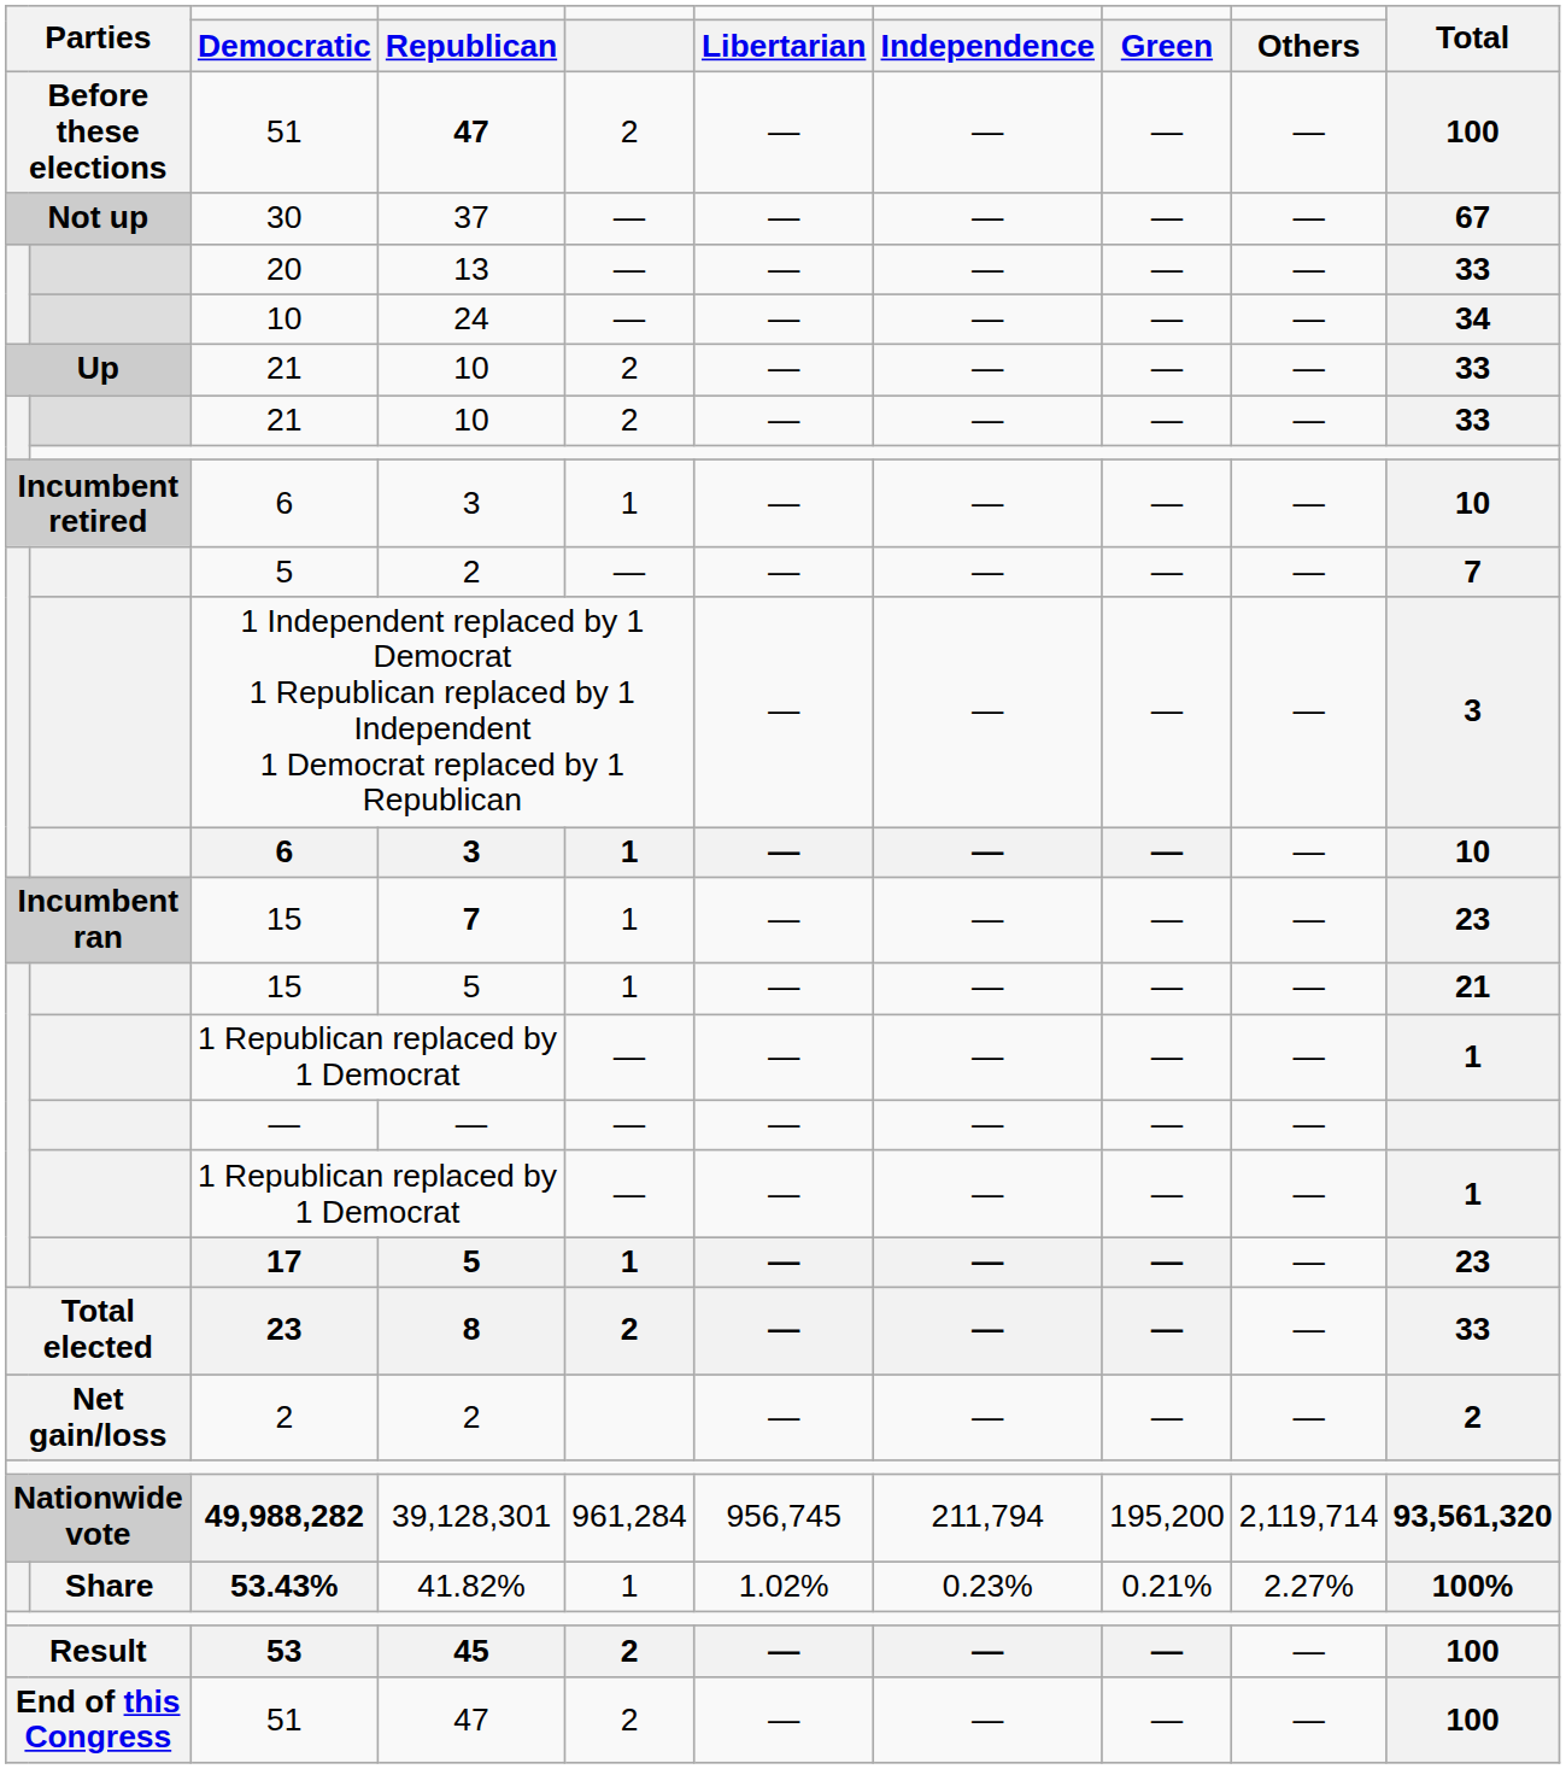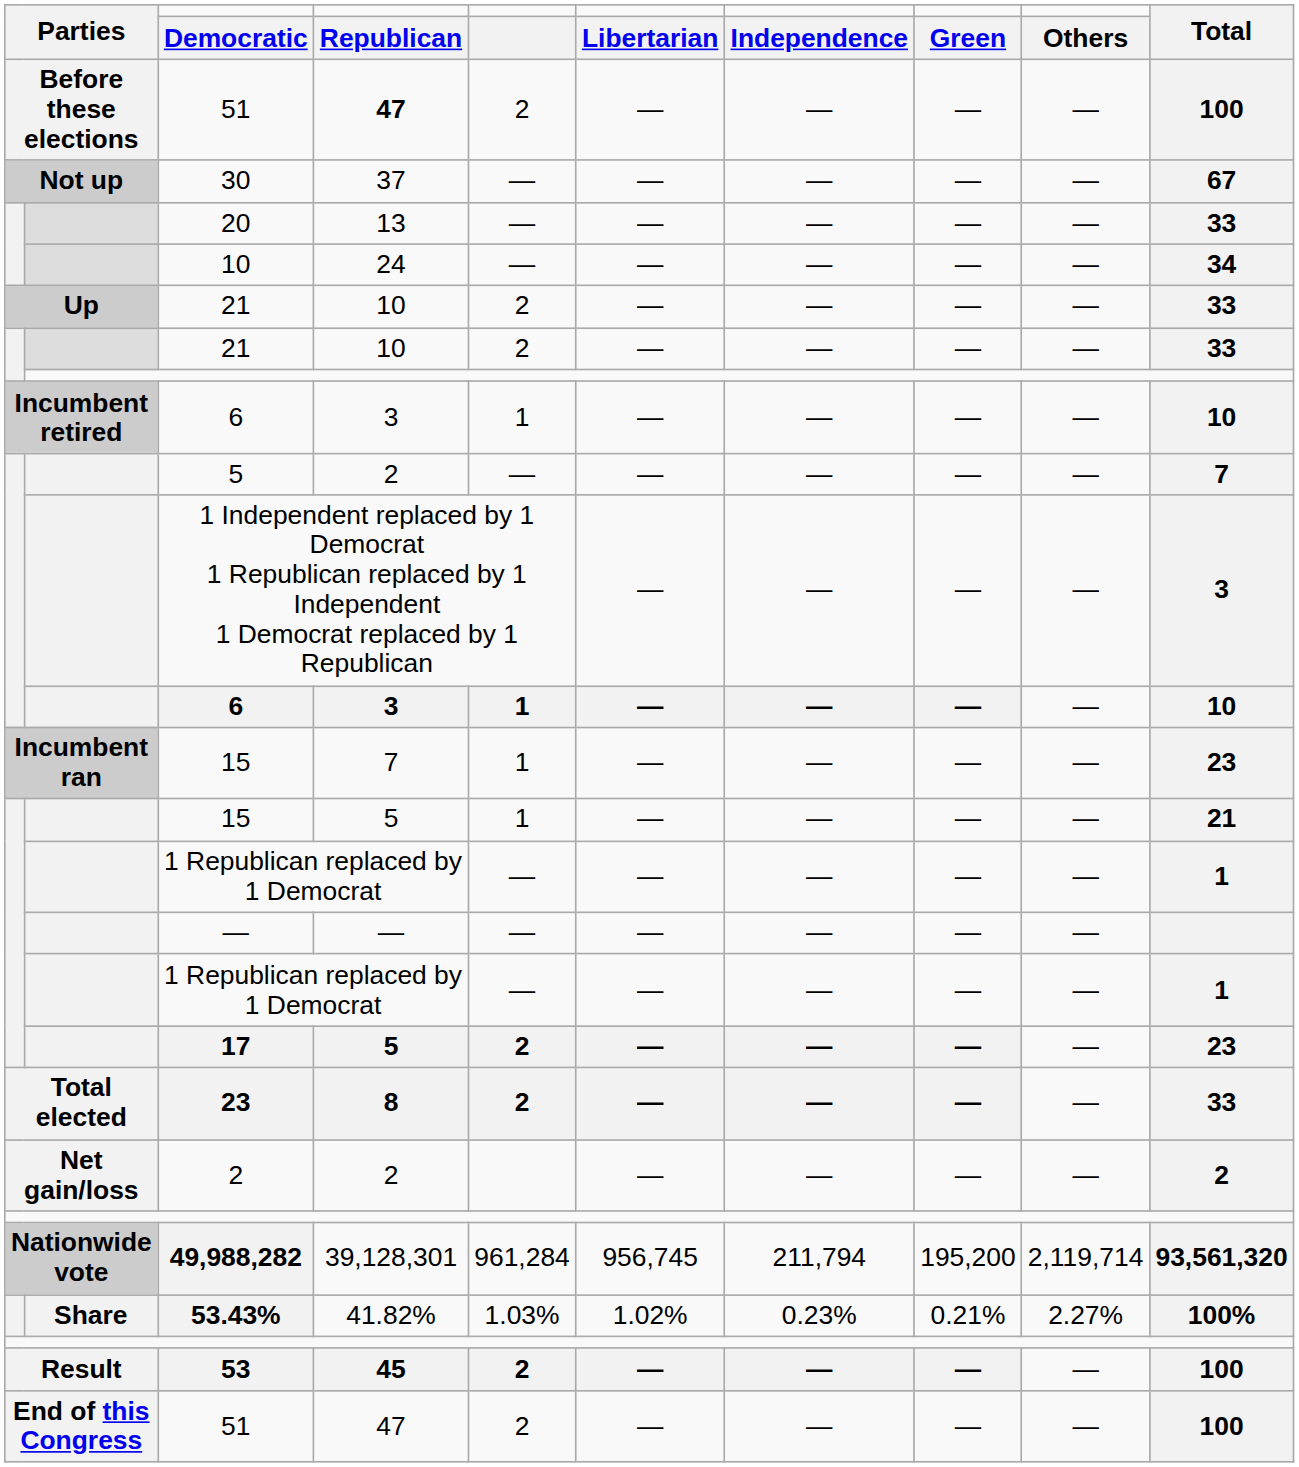 <table class=wikitable style=text-align:center>
 <tr>
 <th colspan=2 rowspan=2>Parties</th>
 <td style="background-color:"></td>
 <td style="background-color:"></td>
 <td style="background-color:"></td>
 <td style="background-color:"></td>
 <td style="background-color:"></td>
 <td style="background-color:"></td>
 <td style="background-color:"></td>
 <th rowspan=2>Total</th>
 </tr>
 <tr>
 <th><a href='#'>Democratic</a></th>
 <th><a href='#'>Republican</a></th>
 <th></th>
 <th><a href='#'>Libertarian</a></th>
 <th><a href='#'>Independence</a></th>
 <th><a href='#'>Green</a></th>
 <th>Others</th>
 </tr>
 <tr>
 <th colspan=2>Before these elections</th>
 <td>51</td>
 <td><strong>47</strong></td>
 <td>2</td>
 <td>—</td>
 <td>—</td>
 <td>—</td>
 <td>—</td>
 <th>100</th>
 </tr>
 <tr>
 <th colspan=2 style="background:#ccc">Not up</th>
 <td>30</td>
 <td>37</td>
 <td>—</td>
 <td>—</td>
 <td>—</td>
 <td>—</td>
 <td>—</td>
 <th>67</th>
 </tr>
 <tr>
 <th rowspan=2></th>
 <th style="background:#ddd"></th>
 <td>20</td>
 <td>13</td>
 <td>—</td>
 <td>—</td>
 <td>—</td>
 <td>—</td>
 <td>—</td>
 <th>33</th>
 </tr>
 <tr>
 <th style="background:#ddd"></th>
 <td>10</td>
 <td>24</td>
 <td>—</td>
 <td>—</td>
 <td>—</td>
 <td>—</td>
 <td>—</td>
 <th>34</th>
 </tr>
 <tr>
 <th colspan=2 style="background:#ccc">Up</th>
 <td>21</td>
 <td>10</td>
 <td>2</td>
 <td>—</td>
 <td>—</td>
 <td>—</td>
 <td>—</td>
 <th>33</th>
 </tr>
 <tr>
 <th rowspan=2></th>
 <th style="background:#ddd"></th>
 <td>21</td>
 <td>10</td>
 <td>2</td>
 <td>—</td>
 <td>—</td>
 <td>—</td>
 <td>—</td>
 <th>33</th>
 </tr>
 <tr>
 <td colspan=99></td>
 </tr>
 <tr>
 <th colspan=2 style="background:#ccc">Incumbent retired</th>
 <td>6</td>
 <td>3</td>
 <td>1</td>
 <td>—</td>
 <td>—</td>
 <td>—</td>
 <td>—</td>
 <th>10</th>
 </tr>
 <tr>
 <th rowspan=3></th>
 <th></th>
 <td>5</td>
 <td>2</td>
 <td>—</td>
 <td>—</td>
 <td>—</td>
 <td>—</td>
 <td>—</td>
 <th>7</th>
 </tr>
 <tr>
 <th></th>
 <td colspan=3> 1 Independent replaced by  1 Democrat<br> 1 Republican replaced by  1 Independent<br> 1 Democrat replaced by  1 Republican</td>
 <td>—</td>
 <td>—</td>
 <td>—</td>
 <td>—</td>
 <th>3</th>
 </tr>
 <tr>
 <th></th>
 <th>6</th>
 <th>3</th>
 <th>1</th>
 <th>—</th>
 <th>—</th>
 <th>—</th>
 <td>—</td>
 <th>10</th>
 </tr>
 <tr>
 <th colspan=2 style="background:#ccc">Incumbent ran</th>
 <td>15</td>
-<td><strong>7</strong></td>
+<td>7</td>
 <td>1</td>
 <td>—</td>
 <td>—</td>
 <td>—</td>
 <td>—</td>
 <th>23</th>
 </tr>
 <tr>
 <th rowspan=5></th>
 <th></th>
 <td>15</td>
 <td>5</td>
 <td>1</td>
 <td>—</td>
 <td>—</td>
 <td>—</td>
 <td>—</td>
 <th>21</th>
 </tr>
 <tr>
 <th></th>
 <td colspan=2 > 1 Republican replaced by  1 Democrat</td>
 <td>—</td>
 <td>—</td>
 <td>—</td>
 <td>—</td>
 <td>—</td>
 <th>1</th>
 </tr>
 <tr>
 <th></th>
 <td>—</td>
 <td>—</td>
 <td>—</td>
 <td>—</td>
 <td>—</td>
 <td>—</td>
 <td>—</td>
 <th></th>
 </tr>
 <tr>
 <th></th>
 <td colspan=2 > 1 Republican replaced by  1 Democrat</td>
 <td>—</td>
 <td>—</td>
 <td>—</td>
 <td>—</td>
 <td>—</td>
 <th>1</th>
 </tr>
 <tr>
 <th></th>
 <th>17</th>
 <th>5</th>
-<th>1</th>
+<th>2</th>
 <th>—</th>
 <th>—</th>
 <th>—</th>
 <td>—</td>
 <th>23</th>
 </tr>
 <tr>
 <th colspan=2>Total elected</th>
 <th>23</th>
 <th>8</th>
 <th>2</th>
 <th>—</th>
 <th>—</th>
 <th>—</th>
 <td>—</td>
 <th>33</th>
 </tr>
 <tr>
 <th colspan=2>Net gain/loss</th>
 <td> 2</td>
 <td> 2</td>
 <td> </td>
 <td>—</td>
 <td>—</td>
 <td>—</td>
 <td>—</td>
 <th>2</th>
 </tr>
 <tr>
 <td colspan=99></td>
 </tr>
 <tr>
 <th colspan=2 style="background:#ccc">Nationwide vote</th>
 <th>49,988,282</th>
 <td>39,128,301</td>
 <td>961,284</td>
 <td>956,745</td>
 <td>211,794</td>
 <td>195,200</td>
 <td>2,119,714</td>
 <th>93,561,320</th>
 </tr>
 <tr>
 <th></th>
 <th>Share</th>
 <th>53.43%</th>
 <td>41.82%</td>
-<td>1</td>
+<td>1.03%</td>
 <td>1.02%</td>
 <td>0.23%</td>
 <td>0.21%</td>
 <td>2.27%</td>
 <th>100%</th>
 </tr>
 <tr>
 <td colspan=99></td>
 </tr>
 <tr>
 <th colspan=2>Result</th>
 <th>53</th>
 <th>45</th>
 <th>2</th>
 <th>—</th>
 <th>—</th>
 <th>—</th>
 <td>—</td>
 <th>100</th>
 </tr>
 <tr>
 <th colspan=2>End of <a href='#'>this Congress</a></th>
 <td>51</td>
 <td>47</td>
 <td>2</td>
 <td>—</td>
 <td>—</td>
 <td>—</td>
 <td>—</td>
 <th>100</th>
 </tr>
 </table>
